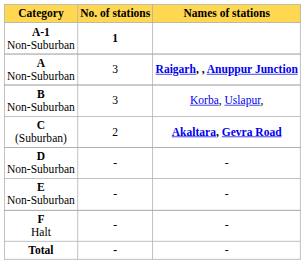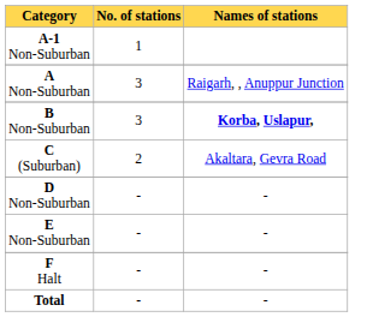 <table class="wikitable sortable" style="background:#fff;">
 <tr>
 <th style="background:#ffd750;" !>Category</th>
 <th style="background:#ffd750;" !>No. of stations</th>
 <th style="background:#ffd750;" !>Names of stations</th>
 </tr>
 <tr>
 <td style="text-align:center;"><strong>A-1</strong><br>Non-Suburban</td>
-<td style="text-align:center;"><strong>1</strong></td>
+<td style="text-align:center;">1</td>
 <td style="text-align:center;"></td>
 </tr>
 <tr>
 </tr>
 <tr>
 <td style="text-align:center;"><strong>A</strong><br>Non-Suburban</td>
 <td style="text-align:center;">3</td>
-<td style="text-align:center;"><strong><a href='#'>Raigarh</a>, , <a href='#'>Anuppur Junction</a></strong></td>
+<td style="text-align:center;"><a href='#'>Raigarh</a>, , <a href='#'>Anuppur Junction</a></td>
 </tr>
 <tr>
 </tr>
 <tr>
 <td style="text-align:center;"><strong>B</strong><br>Non-Suburban</td>
 <td style="text-align:center;">3</td>
-<td style="text-align:center;"><a href='#'>Korba</a>, <a href='#'>Uslapur</a>, </td>
+<td style="text-align:center;"><strong><a href='#'>Korba</a>, <a href='#'>Uslapur</a>, </strong></td>
 </tr>
 <tr>
 <td style="text-align:center;"><strong>C</strong><br>(Suburban)</td>
 <td style="text-align:center;">2</td>
-<td style="text-align:center;"><strong><a href='#'>Akaltara</a>, <a href='#'>Gevra Road</a></strong></td>
+<td style="text-align:center;"><a href='#'>Akaltara</a>, <a href='#'>Gevra Road</a></td>
 </tr>
 <tr>
 </tr>
 <tr>
 <td style="text-align:center;"><strong>D</strong><br>Non-Suburban</td>
 <td style="text-align:center;">-</td>
 <td style="text-align:center;">-</td>
 </tr>
 <tr>
 <td style="text-align:center;"><strong>E</strong><br>Non-Suburban</td>
 <td style="text-align:center;">-</td>
 <td style="text-align:center;">-</td>
 </tr>
 <tr>
 </tr>
 <tr>
 <td style="text-align:center;"><strong>F</strong><br>Halt</td>
 <td style="text-align:center;">-</td>
 <td style="text-align:center;">-</td>
 </tr>
 <tr>
 <td style="text-align:center;"><strong>Total</strong></td>
 <td style="text-align:center;"><strong>-</strong></td>
 <td style="text-align:center;">-</td>
 </tr>
 </table>
